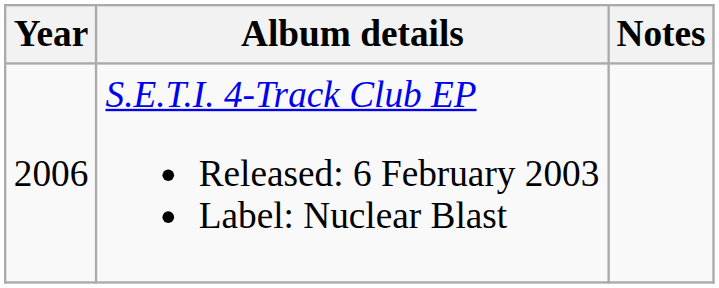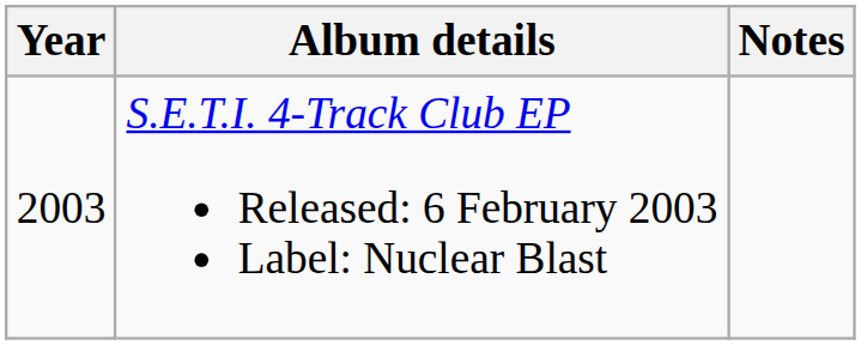 <table class="wikitable">
 <tr>
 <th>Year</th>
 <th>Album details</th>
 <th>Notes</th>
 </tr>
 <tr>
-<td>2006</td>
+<td>2003</td>
 <td><em><a href='#'>S.E.T.I. 4-Track Club EP</a></em><br><ul><li>Released: 6 February 2003</li><li>Label: Nuclear Blast</li></ul></td>
 <td></td>
 </tr>
 </table>
